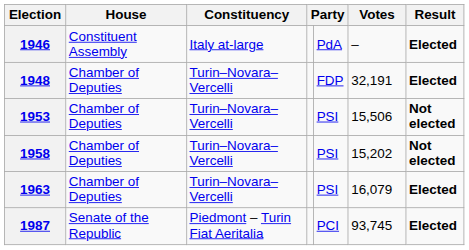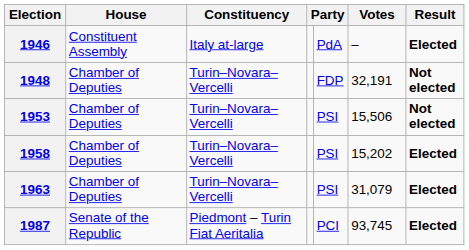 <table class=wikitable style="width:62%; border:1px #AAAAFF solid">
 <tr>
 <th width=12%>Election</th>
 <th width=25%>House</th>
 <th width=25%>Constituency</th>
 <th width=5% colspan="2">Party</th>
 <th width=12%>Votes</th>
 <th width=12%>Result</th>
 </tr>
 <tr>
 <th><a href='#'>1946</a></th>
 <td><a href='#'>Constituent Assembly</a></td>
 <td><a href='#'>Italy at-large</a></td>
 <td></td>
 <td><a href='#'>PdA</a></td>
 <td>–</td>
 <td> <strong>Elected</strong></td>
 </tr>
 <tr>
 <th><a href='#'>1948</a></th>
 <td><a href='#'>Chamber of Deputies</a></td>
 <td><a href='#'>Turin–Novara–Vercelli</a></td>
 <td></td>
 <td><a href='#'>FDP</a></td>
 <td>32,191</td>
-<td> <strong>Elected</strong></td>
+<td> <strong>Not elected</strong></td>
 </tr>
 <tr>
 <th><a href='#'>1953</a></th>
 <td><a href='#'>Chamber of Deputies</a></td>
 <td><a href='#'>Turin–Novara–Vercelli</a></td>
 <td></td>
 <td><a href='#'>PSI</a></td>
 <td>15,506</td>
 <td> <strong>Not elected</strong></td>
 </tr>
 <tr>
 <th><a href='#'>1958</a></th>
 <td><a href='#'>Chamber of Deputies</a></td>
 <td><a href='#'>Turin–Novara–Vercelli</a></td>
 <td></td>
 <td><a href='#'>PSI</a></td>
 <td>15,202</td>
-<td> <strong>Not elected</strong></td>
+<td> <strong>Elected</strong></td>
 </tr>
 <tr>
 <th><a href='#'>1963</a></th>
 <td><a href='#'>Chamber of Deputies</a></td>
 <td><a href='#'>Turin–Novara–Vercelli</a></td>
 <td></td>
 <td><a href='#'>PSI</a></td>
-<td>16,079</td>
+<td>31,079</td>
 <td> <strong>Elected</strong></td>
 </tr>
 <tr>
 <th><a href='#'>1987</a></th>
 <td><a href='#'>Senate of the Republic</a></td>
 <td><a href='#'>Piedmont</a> – <a href='#'>Turin Fiat Aeritalia</a></td>
 <td></td>
 <td><a href='#'>PCI</a></td>
 <td>93,745</td>
 <td> <strong>Elected</strong></td>
 </tr>
 </table>
